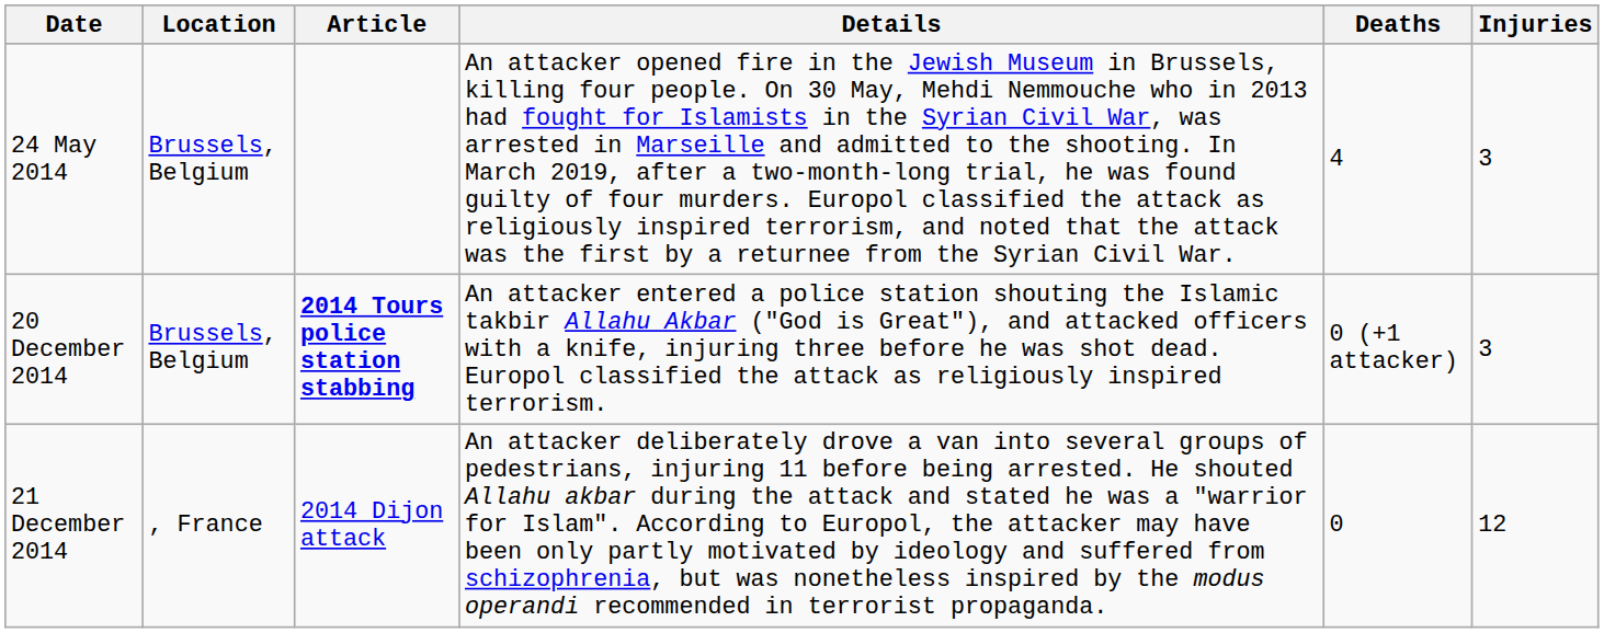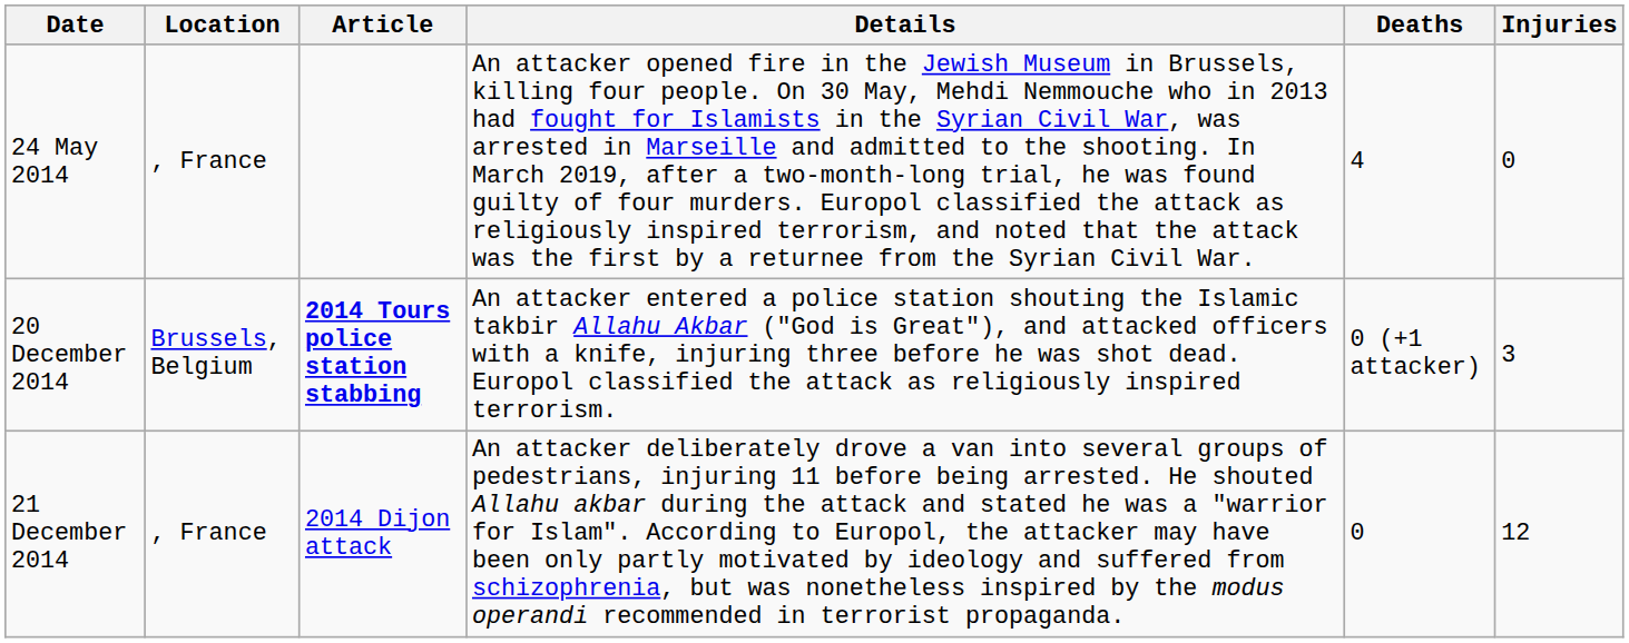 <table class="wikitable ">
 <tr>
 <th>Date</th>
 <th>Location</th>
 <th>Article</th>
 <th>Details</th>
 <th>Deaths</th>
 <th>Injuries</th>
 </tr>
 <tr>
 <td>24 May 2014</td>
-<td> <a href='#'>Brussels</a>, Belgium</td>
+<td>, France</td>
 <td></td>
 <td>An attacker opened fire in the <a href='#'>Jewish Museum</a> in Brussels, killing four people. On 30 May, Mehdi Nemmouche who in 2013 had <a href='#'>fought for Islamists</a> in the <a href='#'>Syrian Civil War</a>, was arrested in <a href='#'>Marseille</a> and admitted to the shooting. In March 2019, after a two-month-long trial, he was found guilty of four murders. Europol classified the attack as religiously inspired terrorism, and noted that the attack was the first by a returnee from the Syrian Civil War.</td>
 <td>4</td>
-<td>3</td>
+<td>0</td>
 </tr>
 <tr>
 <td>20 December 2014</td>
 <td> <a href='#'>Brussels</a>, Belgium</td>
 <td><strong><a href='#'>2014 Tours police station stabbing</a></strong></td>
 <td>An attacker entered a police station shouting the Islamic takbir <em><a href='#'>Allahu Akbar</a></em> ("God is Great"), and attacked officers with a knife, injuring three before he was shot dead. Europol classified the attack as religiously inspired terrorism.</td>
 <td data-sort-value="1">0 (+1 attacker)</td>
 <td>3</td>
 </tr>
 <tr>
 <td>21 December 2014</td>
 <td>, France</td>
 <td><a href='#'>2014 Dijon attack</a></td>
 <td>An attacker deliberately drove a van into several groups of pedestrians, injuring 11 before being arrested. He shouted <em>Allahu akbar</em> during the attack and stated he was a "warrior for Islam". According to Europol, the attacker may have been only partly motivated by ideology and suffered from <a href='#'>schizophrenia</a>, but was nonetheless inspired by the <em>modus operandi</em> recommended in terrorist propaganda.</td>
 <td>0</td>
 <td>12</td>
 </tr>
 </table>
